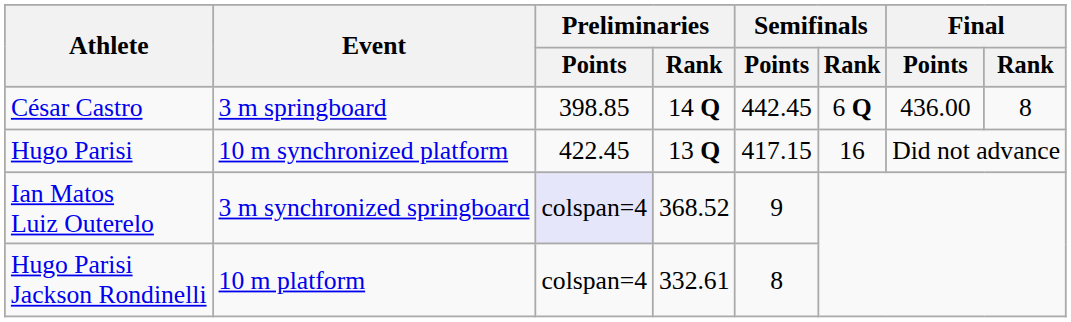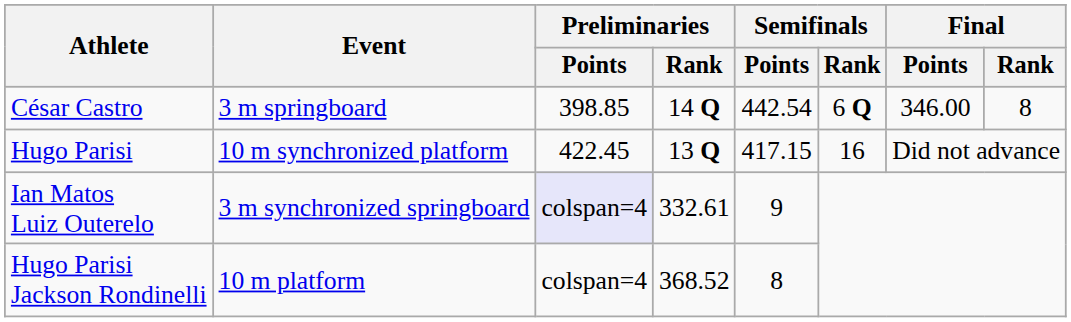 <table class=wikitable style="font-size:90%">
 <tr>
 <th rowspan="2">Athlete</th>
 <th rowspan="2">Event</th>
 <th colspan="2">Preliminaries</th>
 <th colspan="2">Semifinals</th>
 <th colspan="2">Final</th>
 </tr>
 <tr style="font-size:95%">
 <th>Points</th>
 <th>Rank</th>
 <th>Points</th>
 <th>Rank</th>
 <th>Points</th>
 <th>Rank</th>
 </tr>
 <tr align=center>
 <td align=left><a href='#'>César Castro</a></td>
 <td align=left><a href='#'>3 m springboard</a></td>
 <td>398.85</td>
 <td>14 <strong>Q</strong></td>
-<td>442.45</td>
+<td>442.54</td>
 <td>6 <strong>Q</strong></td>
-<td>436.00</td>
+<td>346.00</td>
 <td>8</td>
 </tr>
 <tr align=center>
 <td align=left><a href='#'>Hugo Parisi</a></td>
 <td align=left><a href='#'>10 m synchronized platform</a></td>
 <td>422.45</td>
 <td>13 <strong>Q</strong></td>
 <td>417.15</td>
 <td>16</td>
 <td colspan=2>Did not advance</td>
 </tr>
 <tr align=center>
 <td align=left><a href='#'>Ian Matos</a><br><a href='#'>Luiz Outerelo</a></td>
 <td align=left><a href='#'>3 m synchronized springboard</a></td>
 <td style="background: lavender;">colspan=4 </td>
-<td>368.52</td>
+<td>332.61</td>
 <td>9</td>
 </tr>
 <tr align=center>
 <td align=left><a href='#'>Hugo Parisi</a><br><a href='#'>Jackson Rondinelli</a></td>
 <td align=left><a href='#'>10 m platform</a></td>
 <td>colspan=4 </td>
-<td>332.61</td>
+<td>368.52</td>
 <td>8</td>
 </tr>
 </table>
